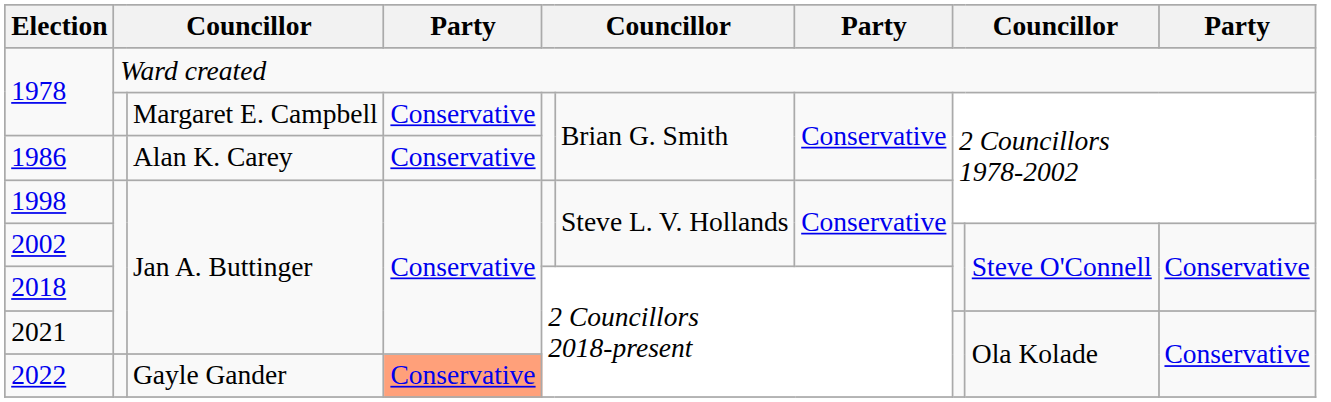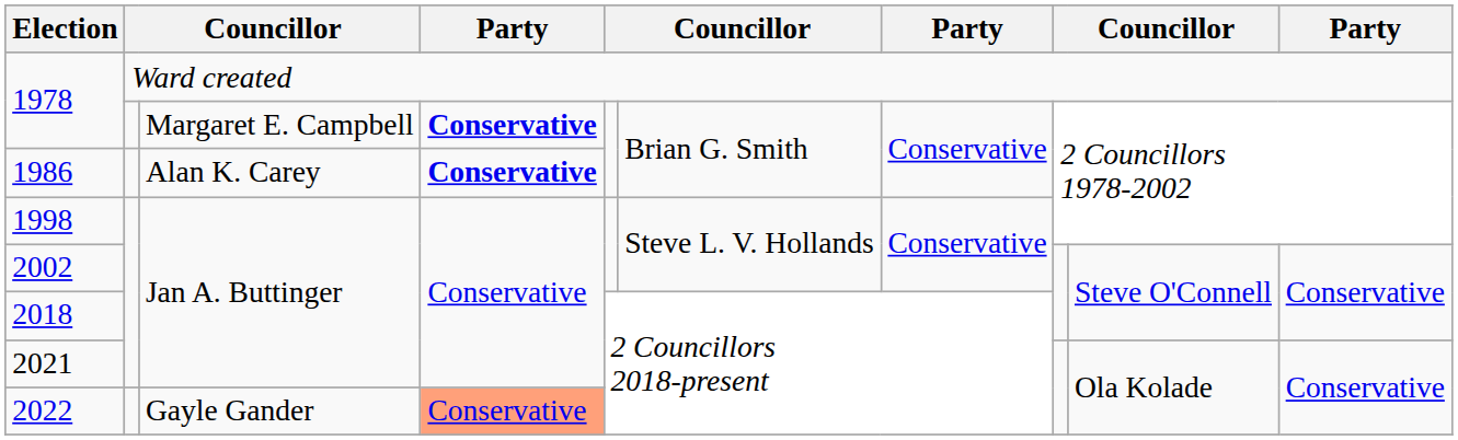 <table class="wikitable">
 <tr>
 <th>Election</th>
 <th colspan="2">Councillor</th>
 <th>Party</th>
 <th colspan="2">Councillor</th>
 <th>Party</th>
 <th colspan="2">Councillor</th>
 <th>Party</th>
 </tr>
 <tr>
 <td rowspan="2"><a href='#'>1978</a></td>
 <td colspan="12"><em>Ward created</em></td>
 </tr>
 <tr>
 <td style="background-color: "></td>
 <td>Margaret E. Campbell</td>
-<td><a href='#'>Conservative</a></td>
+<td><strong><a href='#'>Conservative</a></strong></td>
 <td rowspan="2" style="background-color: "></td>
 <td rowspan="2">Brian G. Smith</td>
 <td rowspan="2"><a href='#'>Conservative</a></td>
 <td rowspan="3" colspan="3" style="background-color:#FFFFFF"><em>2 Councillors<br>1978-2002</em></td>
 </tr>
 <tr>
 <td><a href='#'>1986</a></td>
 <td style="background-color: "></td>
 <td>Alan K. Carey</td>
-<td><a href='#'>Conservative</a></td>
+<td><strong><a href='#'>Conservative</a></strong></td>
 </tr>
 <tr>
 <td><a href='#'>1998</a></td>
 <td rowspan="4" style="background-color: "></td>
 <td rowspan="4">Jan A. Buttinger</td>
 <td rowspan="4"><a href='#'>Conservative</a></td>
 <td rowspan="2" style="background-color: "></td>
 <td rowspan="2">Steve L. V. Hollands</td>
 <td rowspan="2"><a href='#'>Conservative</a></td>
 </tr>
 <tr>
 <td><a href='#'>2002</a></td>
 <td rowspan="2" style="background-color: "></td>
 <td rowspan="2"><a href='#'>Steve O'Connell</a></td>
 <td rowspan="2"><a href='#'>Conservative</a></td>
 </tr>
 <tr>
 <td><a href='#'>2018</a></td>
 <td rowspan="3" colspan="3" style="background-color:#FFFFFF"><em>2 Councillors<br>2018-present</em></td>
 </tr>
 <tr>
 <td>2021</td>
 <td rowspan="2" style="background-color: "></td>
 <td rowspan="2">Ola Kolade</td>
 <td rowspan="2"><a href='#'>Conservative</a></td>
 </tr>
 <tr>
 <td><a href='#'>2022</a></td>
 <td style="background-color: "></td>
 <td>Gayle Gander</td>
 <td style="background: lightsalmon;"><a href='#'>Conservative</a></td>
 </tr>
 </table>
